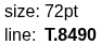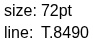 <table style="margin-left:40px;">
 <tr>
 <td>size:</td>
 <td>72pt</td>
 </tr>
 <tr>
 <td>line:</td>
-<td><strong>T.8490</strong></td>
+<td>T.8490</td>
 </tr>
 </table>
